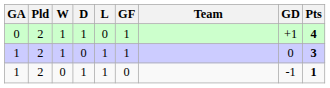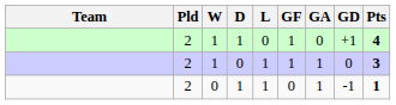 <table class="wikitable" style="text-align: center;">
 <tr>
-<th width=20 abbr="Goals against">GA</th>
+<th width=175>Team</th>
 <th width=20 abbr="Played">Pld</th>
 <th width=20 abbr="Won">W</th>
 <th width=20 abbr="Drawn">D</th>
 <th width=20 abbr="Lost">L</th>
 <th width=20 abbr="Goals for">GF</th>
-<th width=175>Team</th>
+<th width=20 abbr="Goals against">GA</th>
 <th width=20 abbr="Goal difference">GD</th>
 <th width=20 abbr="Points">Pts</th>
 </tr>
 <tr bgcolor=#ccffcc>
-<td>0</td>
+<td align=left></td>
 <td>2</td>
 <td>1</td>
 <td>1</td>
 <td>0</td>
 <td>1</td>
-<td align=left></td>
+<td>0</td>
 <td>+1</td>
 <td><strong>4</strong></td>
 </tr>
 <tr bgcolor=#ccccff>
-<td>1</td>
+<td align=left></td>
 <td>2</td>
 <td>1</td>
 <td>0</td>
 <td>1</td>
 <td>1</td>
-<td align=left></td>
+<td>1</td>
 <td>0</td>
 <td><strong>3</strong></td>
 </tr>
 <tr>
-<td>1</td>
+<td align=left></td>
 <td>2</td>
 <td>0</td>
 <td>1</td>
 <td>1</td>
 <td>0</td>
-<td align=left></td>
+<td>1</td>
 <td>-1</td>
 <td><strong>1</strong></td>
 </tr>
 </table>
